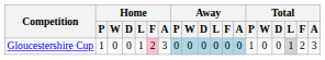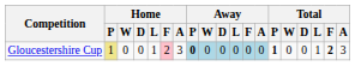 <table class="wikitable" style="text-align:center;">
 <tr>
 <th rowspan="2">Competition</th>
 <th colspan="6">Home</th>
 <th colspan="6">Away</th>
 <th colspan="6">Total</th>
 </tr>
 <tr>
 <th>P</th>
 <th>W</th>
 <th>D</th>
 <th>L</th>
 <th>F</th>
 <th>A</th>
 <th>P</th>
 <th>W</th>
 <th>D</th>
 <th>L</th>
 <th>F</th>
 <th>A</th>
 <th>P</th>
 <th>W</th>
 <th>D</th>
 <th>L</th>
 <th>F</th>
 <th>A</th>
 </tr>
 <tr>
 <td style="text-align:left;"><a href='#'>Gloucestershire Cup</a></td>
-<td>1</td>
+<td style="background: khaki;">1</td>
 <td>0</td>
 <td>0</td>
 <td>1</td>
 <td style="background: pink;">2</td>
 <td>3</td>
+<td style="background-color:#ADD8E6;"><strong>0</strong></td>
 <td style="background-color:#ADD8E6;">0</td>
 <td style="background-color:#ADD8E6;">0</td>
 <td style="background-color:#ADD8E6;">0</td>
 <td style="background-color:#ADD8E6;">0</td>
 <td style="background-color:#ADD8E6;">0</td>
-<td style="background-color:#ADD8E6;">0</td>
-<td>1</td>
+<td><strong>1</strong></td>
 <td>0</td>
 <td>0</td>
-<td style="background: lightgrey;">1</td>
-<td>2</td>
+<td>1</td>
+<td><strong>2</strong></td>
 <td>3</td>
 </tr>
 </table>
